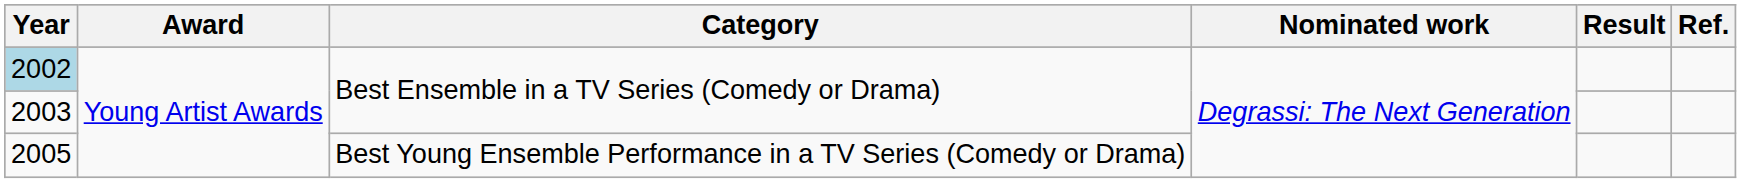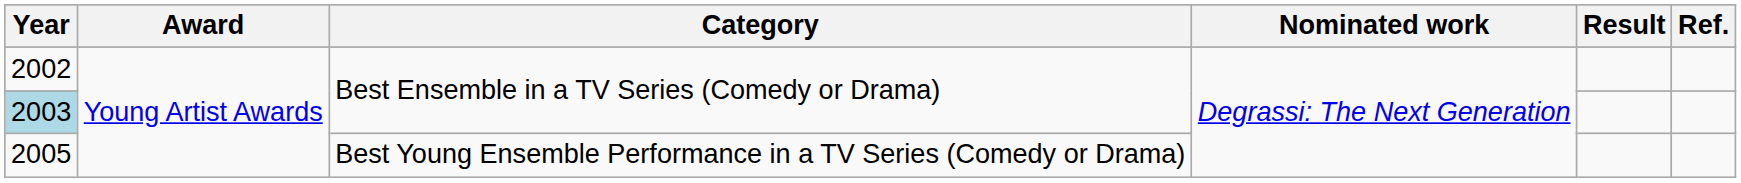 <table class="wikitable">
 <tr>
 <th>Year</th>
 <th>Award</th>
 <th>Category</th>
 <th>Nominated work</th>
 <th>Result</th>
 <th>Ref.</th>
 </tr>
 <tr>
-<td style="background: lightblue;">2002</td>
+<td>2002</td>
 <td rowspan="3"><a href='#'>Young Artist Awards</a></td>
 <td rowspan="2">Best Ensemble in a TV Series (Comedy or Drama)</td>
 <td rowspan="3"><em><a href='#'>Degrassi: The Next Generation</a></em></td>
 <td></td>
 <td></td>
 </tr>
 <tr>
-<td>2003</td>
+<td style="background: lightblue;">2003</td>
 <td></td>
 <td></td>
 </tr>
 <tr>
 <td>2005</td>
 <td>Best Young Ensemble Performance in a TV Series (Comedy or Drama)</td>
 <td></td>
 <td></td>
 </tr>
 </table>
